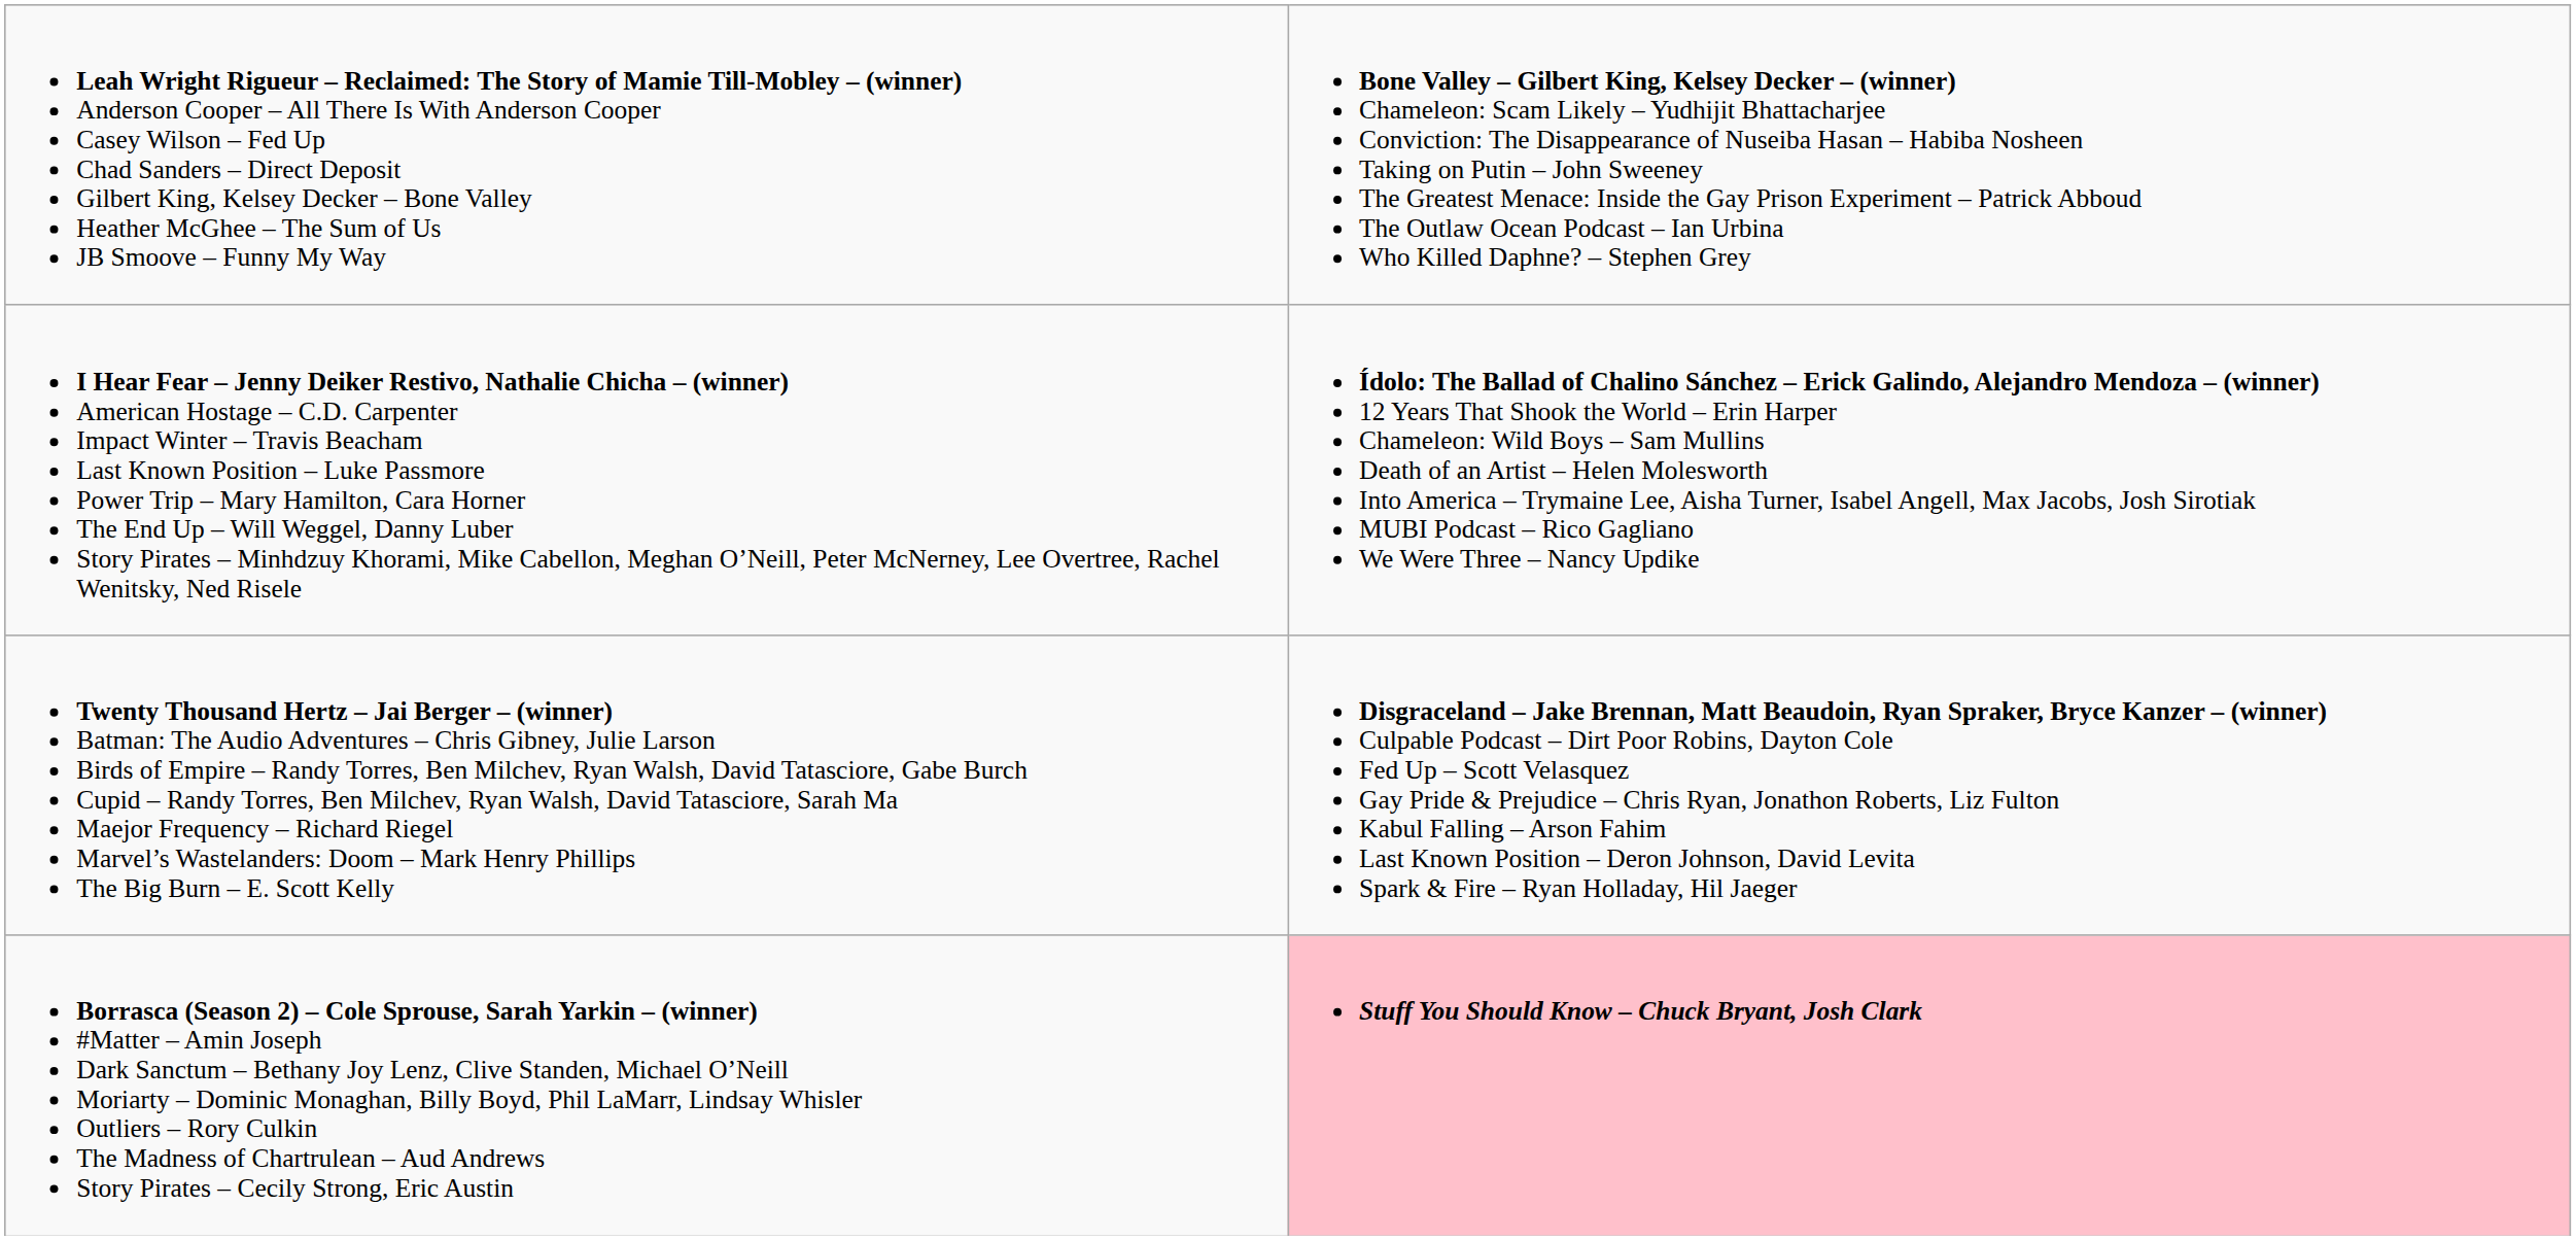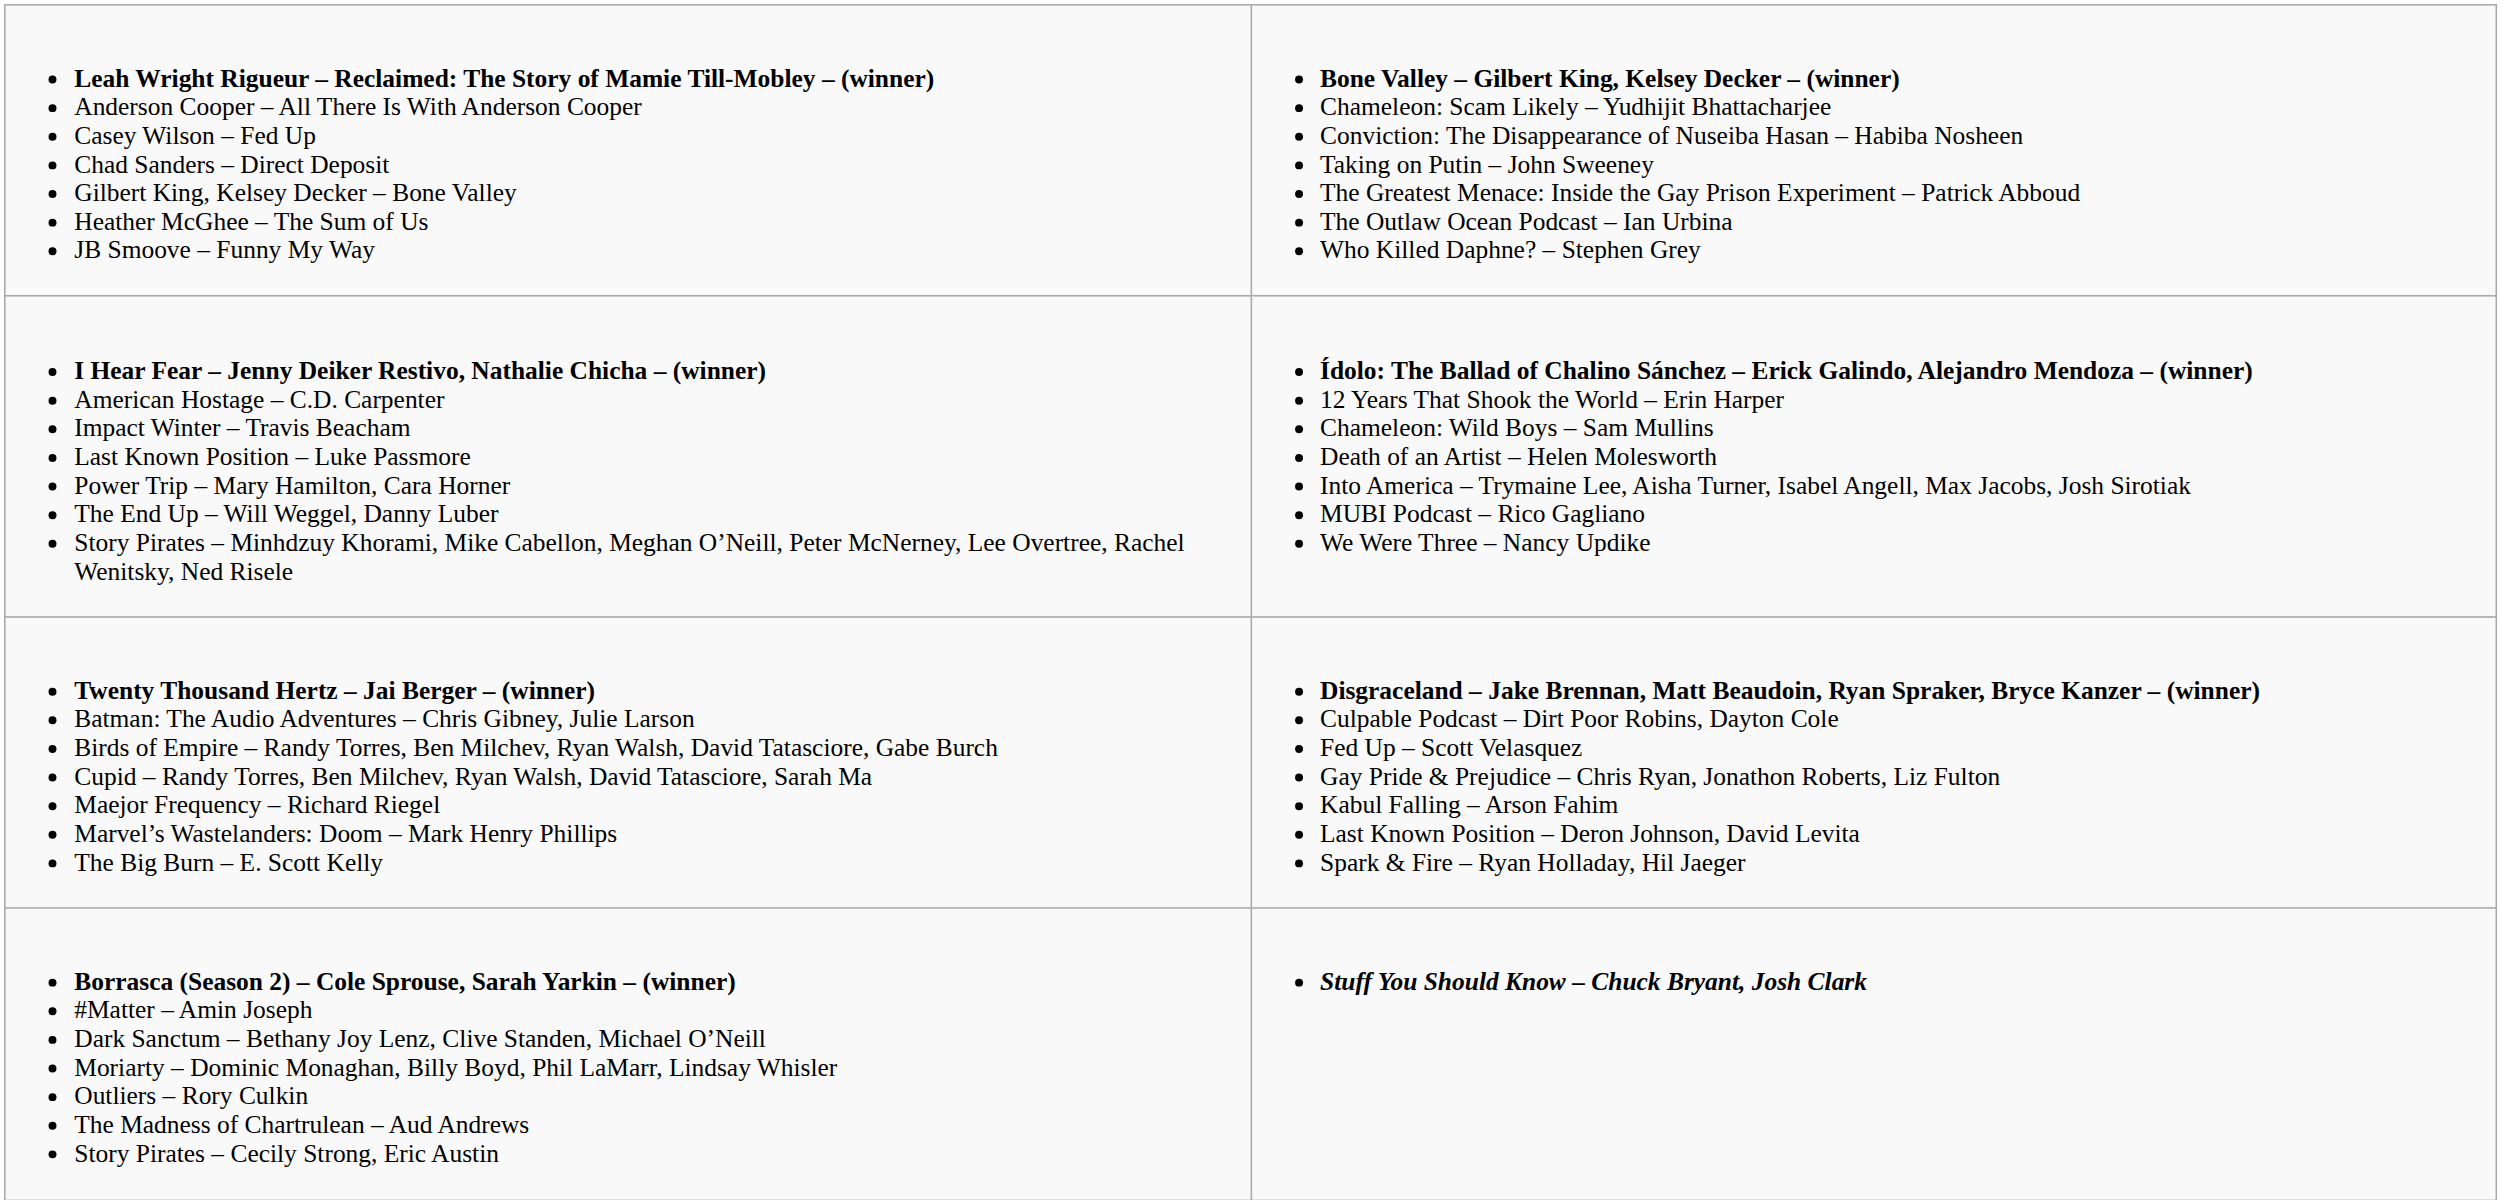 <table class="wikitable">
 <tr>
 <td style="vertical-align:top;" width="50%"><br><ul><li><strong>Leah Wright Rigueur – Reclaimed: The Story of Mamie Till-Mobley – (winner)</strong></li><li>Anderson Cooper – All There Is With Anderson Cooper</li><li>Casey Wilson – Fed Up</li><li>Chad Sanders – Direct Deposit</li><li>Gilbert King, Kelsey Decker – Bone Valley</li><li>Heather McGhee – The Sum of Us</li><li>JB Smoove – Funny My Way</li></ul></td>
 <td style="vertical-align:top;" width="50%"><br><ul><li><strong>Bone Valley – Gilbert King, Kelsey Decker – (winner)</strong></li><li>Chameleon: Scam Likely – Yudhijit Bhattacharjee</li><li>Conviction: The Disappearance of Nuseiba Hasan – Habiba Nosheen</li><li>Taking on Putin – John Sweeney</li><li>The Greatest Menace: Inside the Gay Prison Experiment – Patrick Abboud</li><li>The Outlaw Ocean Podcast – Ian Urbina</li><li>Who Killed Daphne? – Stephen Grey</li></ul></td>
 </tr>
 <tr>
 <td style="vertical-align:top;" width="50%"><br><ul><li><strong>I Hear Fear – Jenny Deiker Restivo, Nathalie Chicha – (winner)</strong></li><li>American Hostage – C.D. Carpenter</li><li>Impact Winter – Travis Beacham</li><li>Last Known Position – Luke Passmore</li><li>Power Trip – Mary Hamilton, Cara Horner</li><li>The End Up – Will Weggel, Danny Luber</li><li>Story Pirates – Minhdzuy Khorami, Mike Cabellon, Meghan O’Neill, Peter McNerney, Lee Overtree, Rachel Wenitsky, Ned Risele</li></ul></td>
 <td style="vertical-align:top;" width="50%"><br><ul><li><strong>Ídolo: The Ballad of Chalino Sánchez – Erick Galindo, Alejandro Mendoza – (winner)</strong></li><li>12 Years That Shook the World – Erin Harper</li><li>Chameleon: Wild Boys – Sam Mullins</li><li>Death of an Artist – Helen Molesworth</li><li>Into America – Trymaine Lee, Aisha Turner, Isabel Angell, Max Jacobs, Josh Sirotiak</li><li>MUBI Podcast – Rico Gagliano</li><li>We Were Three – Nancy Updike</li></ul></td>
 </tr>
 <tr>
 <td style="vertical-align:top;" width="50%"><br><ul><li><strong>Twenty Thousand Hertz – Jai Berger – (winner)</strong></li><li>Batman: The Audio Adventures – Chris Gibney, Julie Larson</li><li>Birds of Empire – Randy Torres, Ben Milchev, Ryan Walsh, David Tatasciore, Gabe Burch</li><li>Cupid – Randy Torres, Ben Milchev, Ryan Walsh, David Tatasciore, Sarah Ma</li><li>Maejor Frequency – Richard Riegel</li><li>Marvel’s Wastelanders: Doom – Mark Henry Phillips</li><li>The Big Burn – E. Scott Kelly</li></ul></td>
 <td style="vertical-align:top;" width="50%"><br><ul><li><strong>Disgraceland – Jake Brennan, Matt Beaudoin, Ryan Spraker, Bryce Kanzer – (winner)</strong></li><li>Culpable Podcast – Dirt Poor Robins, Dayton Cole</li><li>Fed Up – Scott Velasquez</li><li>Gay Pride & Prejudice – Chris Ryan, Jonathon Roberts, Liz Fulton</li><li>Kabul Falling – Arson Fahim</li><li>Last Known Position – Deron Johnson, David Levita</li><li>Spark & Fire – Ryan Holladay, Hil Jaeger</li></ul></td>
 </tr>
 <tr>
 <td style="vertical-align:top;" width="50%"><br><ul><li><strong>Borrasca (Season 2) – Cole Sprouse, Sarah Yarkin – (winner)</strong></li><li>#Matter – Amin Joseph</li><li>Dark Sanctum – Bethany Joy Lenz, Clive Standen, Michael O’Neill</li><li>Moriarty – Dominic Monaghan, Billy Boyd, Phil LaMarr, Lindsay Whisler</li><li>Outliers – Rory Culkin</li><li>The Madness of Chartrulean – Aud Andrews</li><li>Story Pirates – Cecily Strong, Eric Austin</li></ul></td>
-<td style="background: pink; vertical-align:top;" width="50%"><br><ul><li><strong><em>Stuff You Should Know<em> – Chuck Bryant, Josh Clark<strong></li></ul></td>
+<td style="vertical-align:top;" width="50%"><br><ul><li><strong><em>Stuff You Should Know<em> – Chuck Bryant, Josh Clark<strong></li></ul></td>
 </tr>
 </table>
